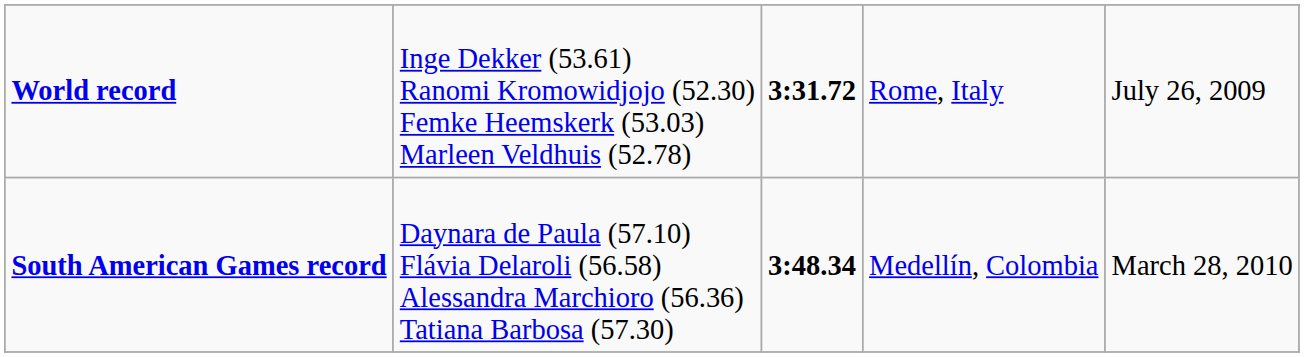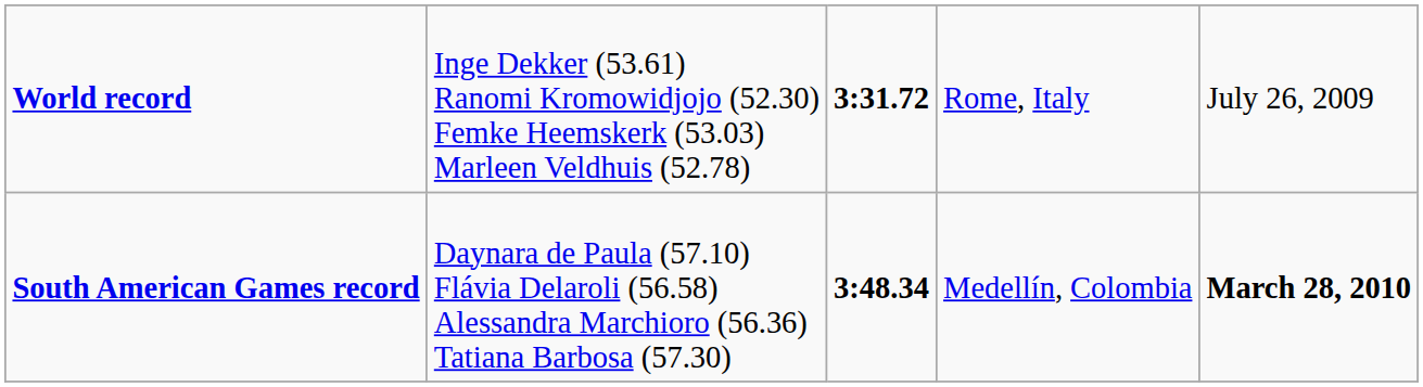 <table class="wikitable">
 <tr>
 <td><strong><a href='#'>World record</a></strong></td>
 <td><br><a href='#'>Inge Dekker</a> (53.61)<br><a href='#'>Ranomi Kromowidjojo</a> (52.30)<br><a href='#'>Femke Heemskerk</a> (53.03)<br><a href='#'>Marleen Veldhuis</a> (52.78)</td>
 <td><strong>3:31.72</strong></td>
 <td><a href='#'>Rome</a>, <a href='#'>Italy</a></td>
 <td>July 26, 2009</td>
 </tr>
 <tr>
 <td><strong><a href='#'>South American Games record</a></strong></td>
 <td><br><a href='#'>Daynara de Paula</a> (57.10)<br><a href='#'>Flávia Delaroli</a> (56.58)<br><a href='#'>Alessandra Marchioro</a> (56.36)<br><a href='#'>Tatiana Barbosa</a> (57.30)</td>
 <td><strong>3:48.34</strong></td>
 <td><a href='#'>Medellín</a>, <a href='#'>Colombia</a></td>
-<td>March 28, 2010</td>
+<td><strong>March 28, 2010</strong></td>
 </tr>
 </table>
